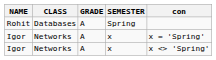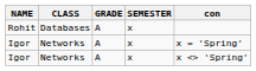 <table class="wikitable" style="margin-left: auto; margin-right: auto; border: none; font-family:monospace;">
 <tr>
 <th>NAME</th>
 <th>CLASS</th>
 <th>GRADE</th>
 <th>SEMESTER</th>
 <th>con</th>
 </tr>
 <tr>
 <td>Rohit</td>
 <td>Databases</td>
 <td>A</td>
-<td>Spring</td>
+<td>x</td>
 <td></td>
 </tr>
 <tr>
 <td>Igor</td>
 <td>Networks</td>
 <td>A</td>
 <td>x</td>
 <td>x = 'Spring'</td>
 </tr>
 <tr>
 <td>Igor</td>
 <td>Networks</td>
 <td>A</td>
 <td>x</td>
 <td>x <> 'Spring'</td>
 </tr>
 <tr>
 </tr>
 </table>
